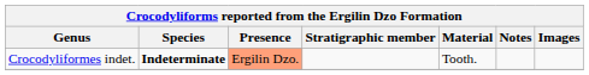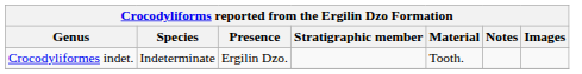 <table class="wikitable" align="center">
 <tr>
 <th colspan="7" align="center"><strong><a href='#'>Crocodyliforms</a> reported from the Ergilin Dzo Formation</strong></th>
 </tr>
 <tr>
 <th>Genus</th>
 <th>Species</th>
 <th>Presence</th>
 <th><strong>Stratigraphic member</strong></th>
 <th><strong>Material</strong></th>
 <th>Notes</th>
 <th>Images</th>
 </tr>
 <tr>
 <td><a href='#'>Crocodyliformes</a> indet.</td>
-<td><strong>Indeterminate</strong></td>
-<td style="background: lightsalmon;">Ergilin Dzo.</td>
+<td>Indeterminate</td>
+<td>Ergilin Dzo.</td>
 <td></td>
 <td>Tooth.</td>
 <td></td>
 <td></td>
 </tr>
 <tr>
 </tr>
 </table>
